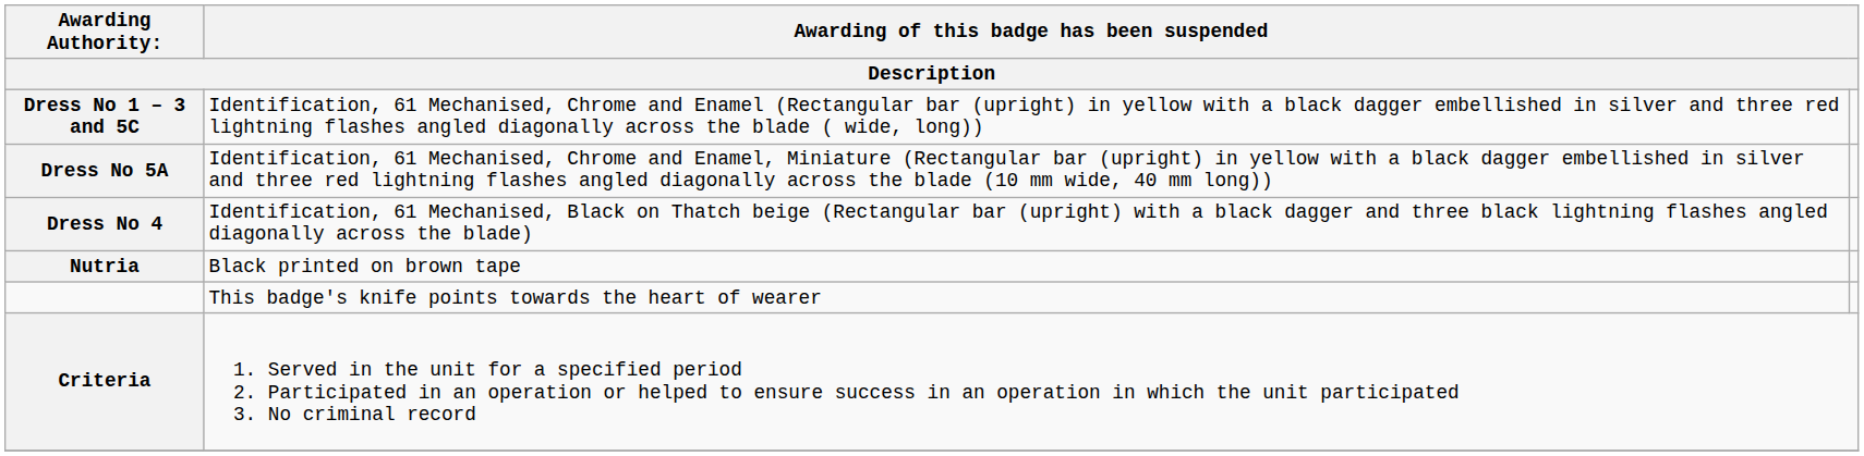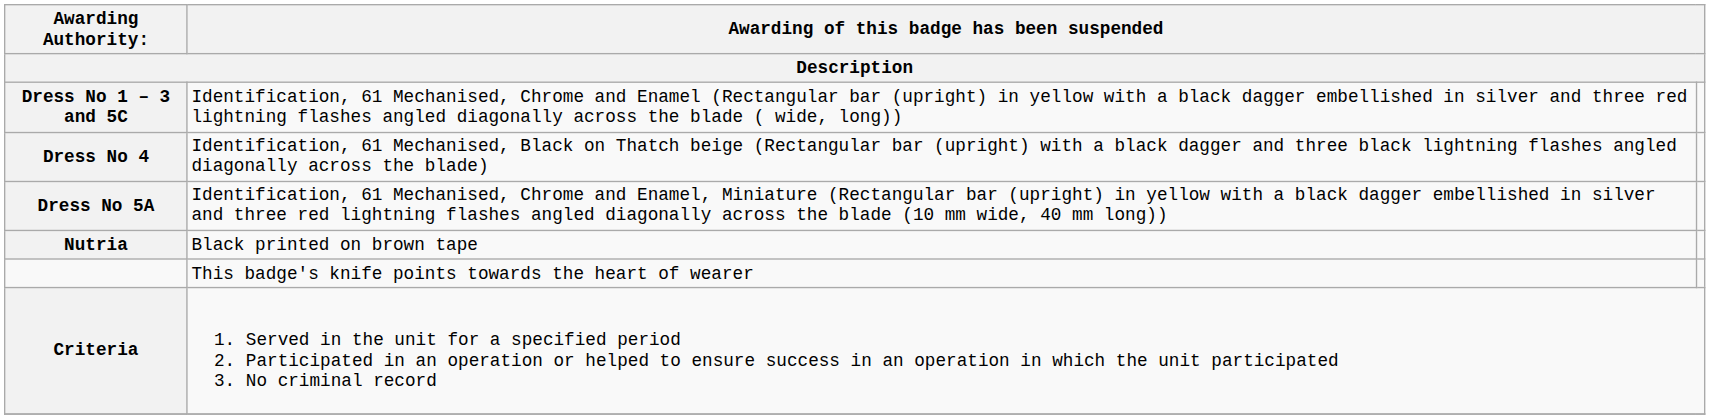 <table class=wikitable style="text-align: left;">
 <tr>
 <th><strong>Awarding Authority</strong>:</th>
 <th colspan="2">Awarding of this badge has been suspended</th>
 </tr>
 <tr>
 <th colspan="3">Description</th>
 </tr>
 <tr>
 <th>Dress No 1 – 3 and 5C</th>
 <td>Identification, 61 Mechanised, Chrome and Enamel (Rectangular bar (upright) in yellow with a black dagger embellished in silver and three red lightning flashes angled diagonally across the blade ( wide,  long))</td>
 <td></td>
 </tr>
 <tr>
-<th>Dress No 5A</th>
-<td>Identification, 61 Mechanised, Chrome and Enamel, Miniature (Rectangular bar (upright) in yellow with a black dagger embellished in silver and three red lightning flashes angled diagonally across the blade (10 mm wide, 40 mm long))</td>
+<th>Dress No 4</th>
+<td>Identification, 61 Mechanised, Black on Thatch beige (Rectangular bar (upright) with a black dagger and three black lightning flashes angled diagonally across the blade)</td>
 <td></td>
 </tr>
 <tr>
-<th>Dress No 4</th>
-<td>Identification, 61 Mechanised, Black on Thatch beige (Rectangular bar (upright) with a black dagger and three black lightning flashes angled diagonally across the blade)</td>
+<th>Dress No 5A</th>
+<td>Identification, 61 Mechanised, Chrome and Enamel, Miniature (Rectangular bar (upright) in yellow with a black dagger embellished in silver and three red lightning flashes angled diagonally across the blade (10 mm wide, 40 mm long))</td>
 <td></td>
 </tr>
 <tr>
 <th>Nutria</th>
 <td>Black printed on brown tape</td>
 <td></td>
 </tr>
 <tr>
 <td></td>
 <td>This badge's knife points towards the heart of wearer</td>
 </tr>
 <tr>
 <th>Criteria</th>
 <td colspan="2"><br><ol><li>Served in the unit for a specified period</li><li>Participated in an operation or helped to ensure success in an operation in which the unit participated</li><li>No criminal record</li></ol></td>
 </tr>
 <tr>
 </tr>
 </table>
